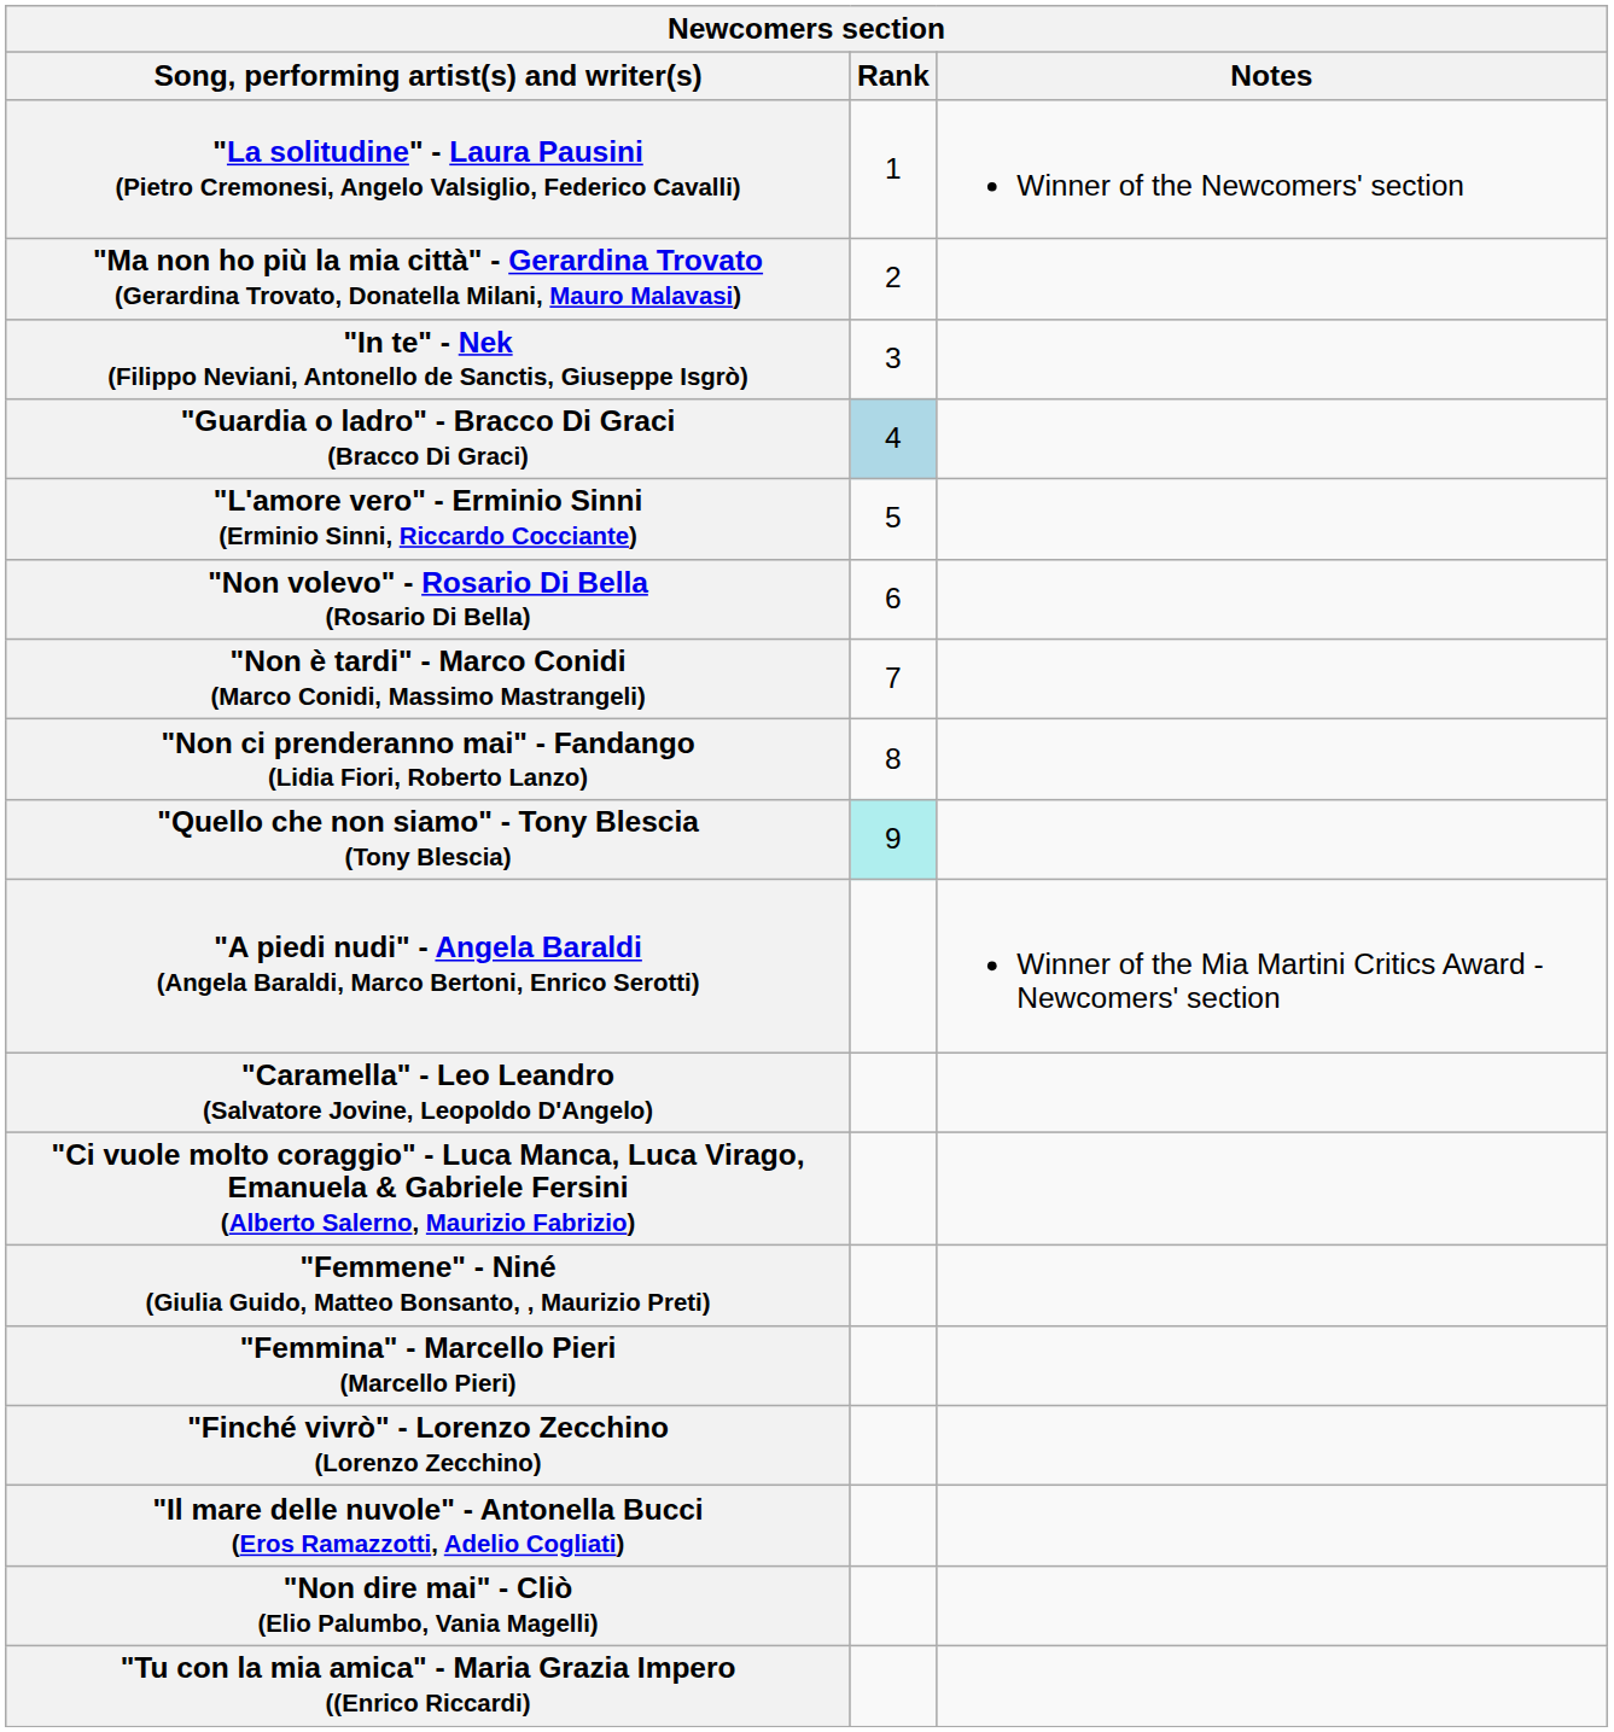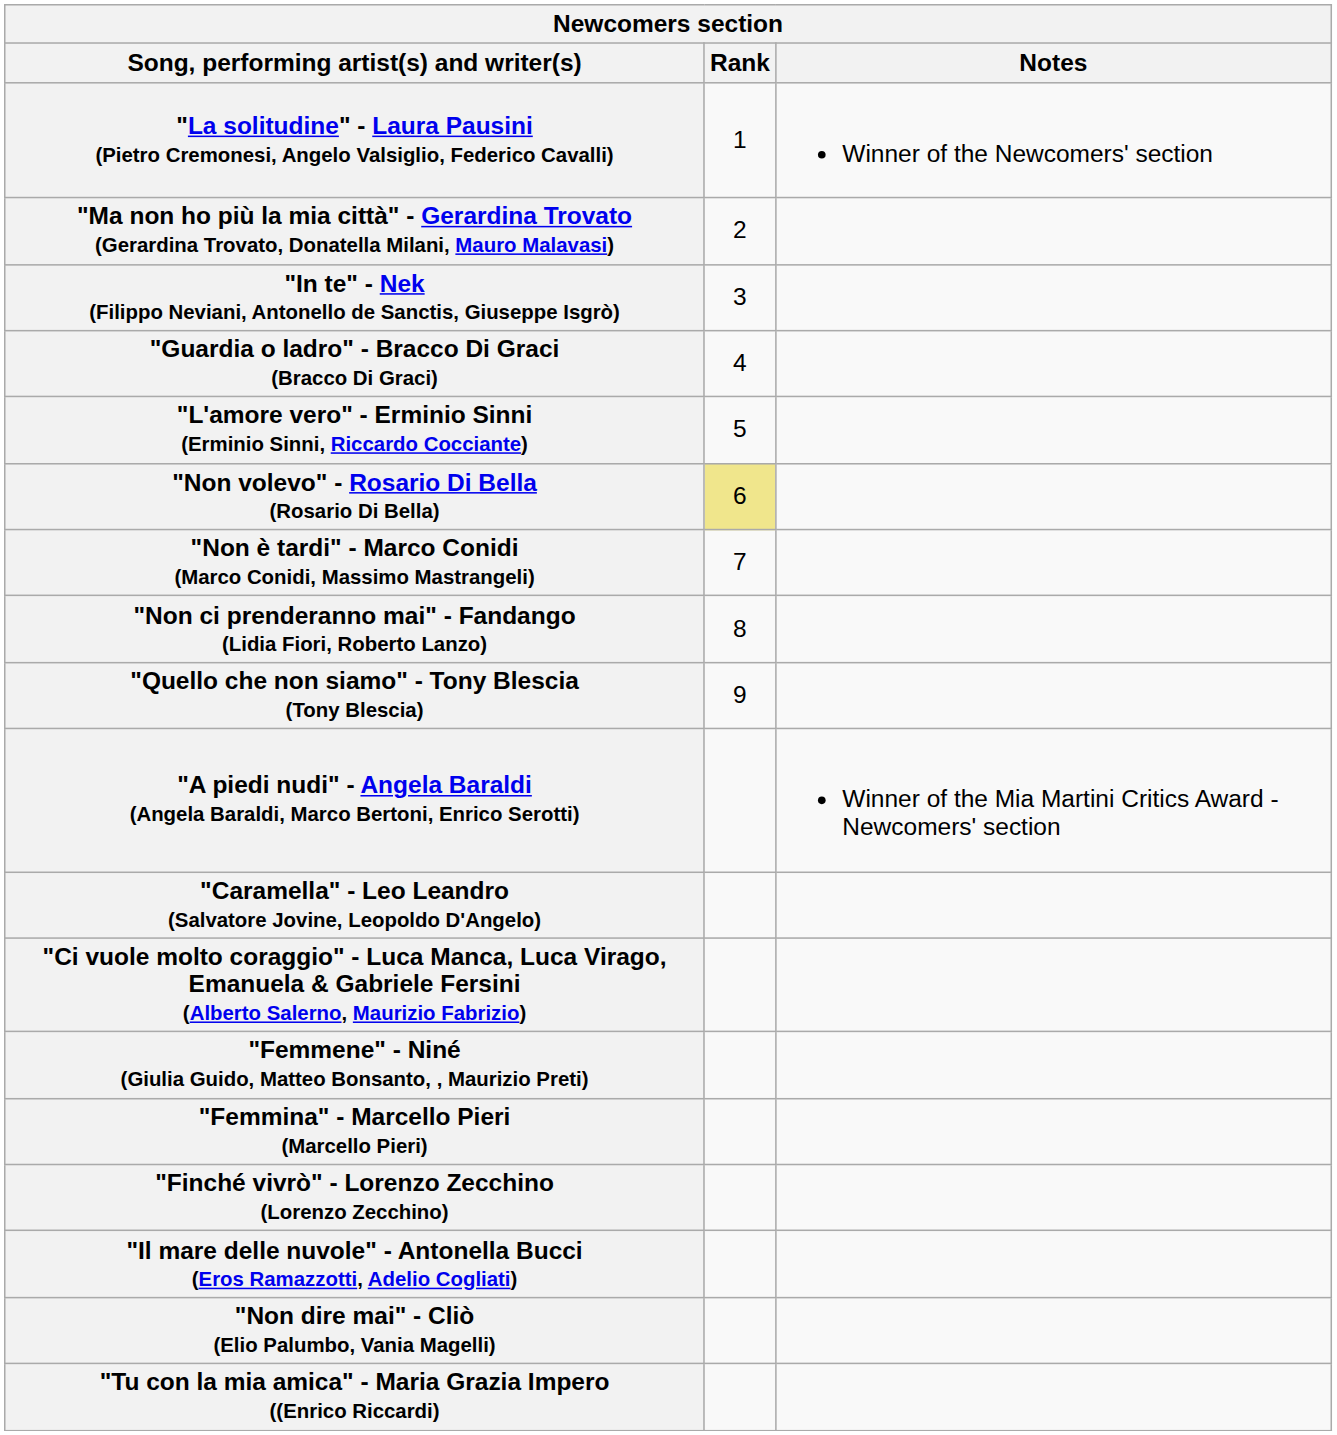 <table class="plainrowheaders wikitable">
 <tr>
 <th colspan="3">Newcomers section </th>
 </tr>
 <tr>
 <th>Song, performing artist(s) and writer(s)</th>
 <th>Rank</th>
 <th>Notes</th>
 </tr>
 <tr>
 <th scope="row">"<a href='#'>La solitudine</a>" - <a href='#'>Laura Pausini</a>  <br><small> (Pietro Cremonesi, Angelo Valsiglio, Federico Cavalli)</small></th>
 <td style="text-align:center;">1</td>
 <td><br><ul><li>Winner of the Newcomers' section</li></ul></td>
 </tr>
 <tr>
 <th scope="row">"Ma non ho più la mia città" - <a href='#'>Gerardina Trovato</a> <br><small> (Gerardina Trovato, Donatella Milani, <a href='#'>Mauro Malavasi</a>)</small></th>
 <td style="text-align:center;">2</td>
 <td></td>
 </tr>
 <tr>
 <th scope="row">"In te" -  <a href='#'>Nek</a><br><small> (Filippo Neviani, Antonello de Sanctis, Giuseppe Isgrò)</small></th>
 <td style="text-align:center;">3</td>
 <td></td>
 </tr>
 <tr>
 <th scope="row">"Guardia o ladro" -  Bracco Di Graci  <br><small> (Bracco Di Graci)</small></th>
-<td style="background: lightblue; text-align:center;">4</td>
+<td style="text-align:center;">4</td>
 <td></td>
 </tr>
 <tr>
 <th scope="row">"L'amore vero" -  Erminio Sinni  <br><small> (Erminio Sinni, <a href='#'>Riccardo Cocciante</a>)</small></th>
 <td style="text-align:center;">5</td>
 <td></td>
 </tr>
 <tr>
 <th scope="row">"Non volevo" - <a href='#'>Rosario Di Bella</a>  <br><small> (Rosario Di Bella)</small></th>
-<td style="text-align:center;">6</td>
+<td style="background: khaki; text-align:center;">6</td>
 <td></td>
 </tr>
 <tr>
 <th scope="row">"Non è tardi" - Marco Conidi  <br><small> (Marco Conidi, Massimo Mastrangeli)</small></th>
 <td style="text-align:center;">7</td>
 <td></td>
 </tr>
 <tr>
 <th scope="row">"Non ci prenderanno mai" - Fandango   <br><small> (Lidia Fiori, Roberto Lanzo)</small></th>
 <td style="text-align:center;">8</td>
 <td></td>
 </tr>
 <tr>
 <th scope="row">"Quello che non siamo" - Tony Blescia  <br><small> (Tony Blescia)</small></th>
-<td style="background: paleturquoise; text-align:center;">9</td>
+<td style="text-align:center;">9</td>
 <td></td>
 </tr>
 <tr>
 <th scope="row">"A piedi nudi" - <a href='#'>Angela Baraldi</a>  <br><small> (Angela Baraldi, Marco Bertoni, Enrico Serotti)</small></th>
 <td></td>
 <td><br><ul><li>Winner of the Mia Martini Critics Award - Newcomers' section</li></ul></td>
 </tr>
 <tr>
 <th scope="row">"Caramella" - Leo Leandro  <br><small> (Salvatore Jovine, Leopoldo D'Angelo)</small></th>
 <td></td>
 <td></td>
 </tr>
 <tr>
 <th scope="row">"Ci vuole molto coraggio" - Luca Manca, Luca Virago, Emanuela & Gabriele Fersini  <br><small> (<a href='#'>Alberto Salerno</a>, <a href='#'>Maurizio Fabrizio</a>)</small></th>
 <td></td>
 <td></td>
 </tr>
 <tr>
 <th scope="row">"Femmene" - Niné<br><small> (Giulia Guido, Matteo Bonsanto, , Maurizio Preti)</small></th>
 <td></td>
 <td></td>
 </tr>
 <tr>
 <th scope="row">"Femmina" - Marcello Pieri <br><small> (Marcello Pieri)</small></th>
 <td></td>
 <td></td>
 </tr>
 <tr>
 <th scope="row">"Finché vivrò" - Lorenzo Zecchino<br><small> (Lorenzo Zecchino)</small></th>
 <td></td>
 <td></td>
 </tr>
 <tr>
 <th scope="row">"Il mare delle nuvole" -  Antonella Bucci <br><small> (<a href='#'>Eros Ramazzotti</a>, <a href='#'>Adelio Cogliati</a>)</small></th>
 <td></td>
 <td></td>
 </tr>
 <tr>
 <th scope="row">"Non dire mai" - Cliò <br><small> (Elio Palumbo, Vania Magelli)</small></th>
 <td></td>
 <td></td>
 </tr>
 <tr>
 <th scope="row">"Tu con la mia amica" - Maria Grazia Impero<br><small> ((Enrico Riccardi)</small></th>
 <td></td>
 <td></td>
 </tr>
 <tr>
 </tr>
 </table>
